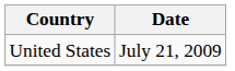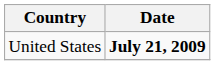 <table class="wikitable">
 <tr>
 <th align="center">Country</th>
 <th align="center">Date</th>
 </tr>
 <tr>
 <td>United States</td>
-<td>July 21, 2009</td>
+<td><strong>July 21, 2009</strong></td>
 </tr>
 <tr>
 </tr>
 </table>
